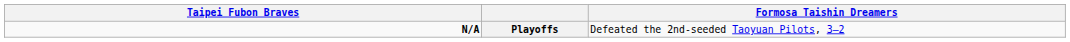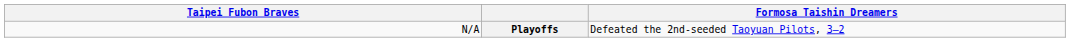 <table style="width:100%; font-size:90%" class="wikitable">
 <tr valign=top>
 <th style="width:45%;"><a href='#'>Taipei Fubon Braves</a></th>
 <th colspan="2"></th>
 <th style="width:45%;"><a href='#'>Formosa Taishin Dreamers</a></th>
 </tr>
 <tr>
-<td align=right><strong>N/A</strong></td>
+<td align=right>N/A</td>
 <th colspan=2>Playoffs</th>
 <td align=left>Defeated the 2nd-seeded <a href='#'>Taoyuan Pilots</a>, <a href='#'>3–2</a></td>
 </tr>
 </table>
